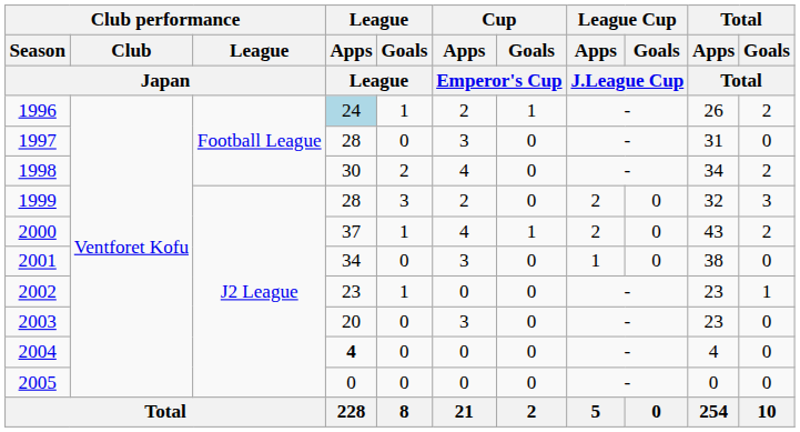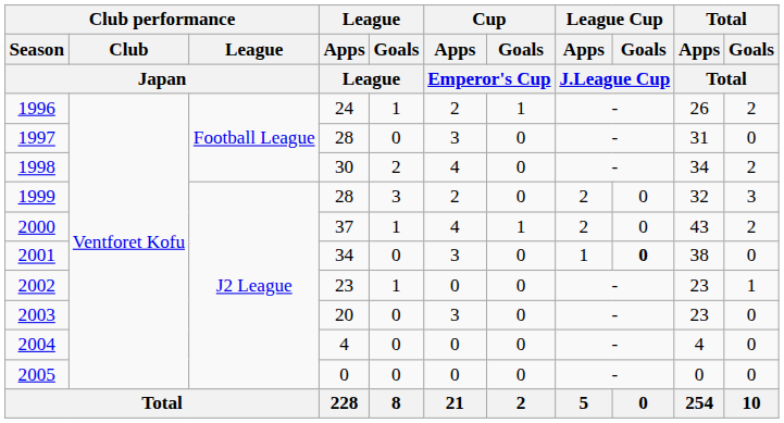 <table class="wikitable" style="text-align:center;">
 <tr>
 <th colspan=3>Club performance</th>
 <th colspan=2>League</th>
 <th colspan=2>Cup</th>
 <th colspan=2>League Cup</th>
 <th colspan=2>Total</th>
 </tr>
 <tr>
 <th>Season</th>
 <th>Club</th>
 <th>League</th>
 <th>Apps</th>
 <th>Goals</th>
 <th>Apps</th>
 <th>Goals</th>
 <th>Apps</th>
 <th>Goals</th>
 <th>Apps</th>
 <th>Goals</th>
 </tr>
 <tr>
 <th colspan=3>Japan</th>
 <th colspan=2>League</th>
 <th colspan=2><a href='#'>Emperor's Cup</a></th>
 <th colspan=2><a href='#'>J.League Cup</a></th>
 <th colspan=2>Total</th>
 </tr>
 <tr>
 <td><a href='#'>1996</a></td>
 <td rowspan="10"><a href='#'>Ventforet Kofu</a></td>
 <td rowspan="3"><a href='#'>Football League</a></td>
-<td style="background: lightblue;">24</td>
+<td>24</td>
 <td>1</td>
 <td>2</td>
 <td>1</td>
 <td colspan="2">-</td>
 <td>26</td>
 <td>2</td>
 </tr>
 <tr>
 <td><a href='#'>1997</a></td>
 <td>28</td>
 <td>0</td>
 <td>3</td>
 <td>0</td>
 <td colspan="2">-</td>
 <td>31</td>
 <td>0</td>
 </tr>
 <tr>
 <td><a href='#'>1998</a></td>
 <td>30</td>
 <td>2</td>
 <td>4</td>
 <td>0</td>
 <td colspan="2">-</td>
 <td>34</td>
 <td>2</td>
 </tr>
 <tr>
 <td><a href='#'>1999</a></td>
 <td rowspan="7"><a href='#'>J2 League</a></td>
 <td>28</td>
 <td>3</td>
 <td>2</td>
 <td>0</td>
 <td>2</td>
 <td>0</td>
 <td>32</td>
 <td>3</td>
 </tr>
 <tr>
 <td><a href='#'>2000</a></td>
 <td>37</td>
 <td>1</td>
 <td>4</td>
 <td>1</td>
 <td>2</td>
 <td>0</td>
 <td>43</td>
 <td>2</td>
 </tr>
 <tr>
 <td><a href='#'>2001</a></td>
 <td>34</td>
 <td>0</td>
 <td>3</td>
 <td>0</td>
 <td>1</td>
-<td>0</td>
+<td><strong>0</strong></td>
 <td>38</td>
 <td>0</td>
 </tr>
 <tr>
 <td><a href='#'>2002</a></td>
 <td>23</td>
 <td>1</td>
 <td>0</td>
 <td>0</td>
 <td colspan="2">-</td>
 <td>23</td>
 <td>1</td>
 </tr>
 <tr>
 <td><a href='#'>2003</a></td>
 <td>20</td>
 <td>0</td>
 <td>3</td>
 <td>0</td>
 <td colspan="2">-</td>
 <td>23</td>
 <td>0</td>
 </tr>
 <tr>
 <td><a href='#'>2004</a></td>
-<td><strong>4</strong></td>
+<td>4</td>
 <td>0</td>
 <td>0</td>
 <td>0</td>
 <td colspan="2">-</td>
 <td>4</td>
 <td>0</td>
 </tr>
 <tr>
 <td><a href='#'>2005</a></td>
 <td>0</td>
 <td>0</td>
 <td>0</td>
 <td>0</td>
 <td colspan="2">-</td>
 <td>0</td>
 <td>0</td>
 </tr>
 <tr>
 <th colspan=3>Total</th>
 <th>228</th>
 <th>8</th>
 <th>21</th>
 <th>2</th>
 <th>5</th>
 <th>0</th>
 <th>254</th>
 <th>10</th>
 </tr>
 </table>
